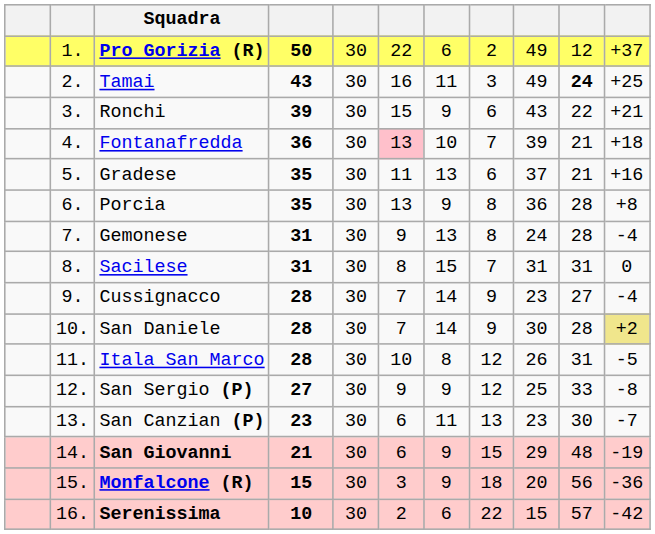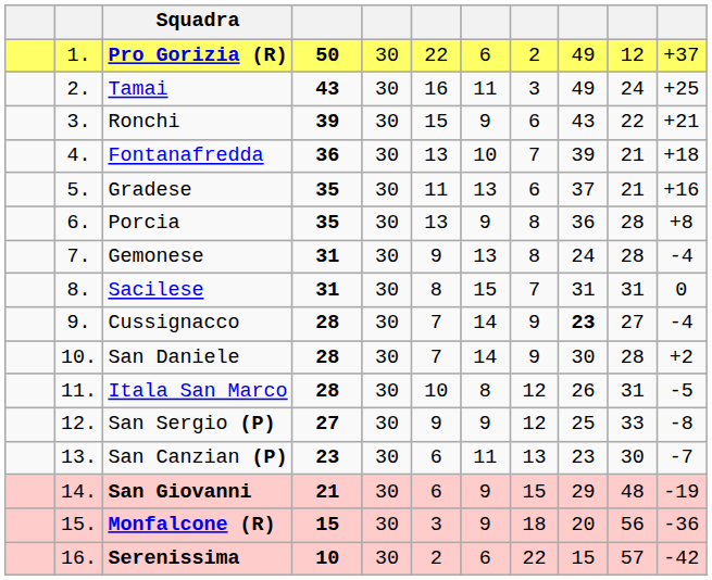 <table class="wikitable sortable" style="text-align: center; font-size: 90%;">
 <tr>
 <th width=7%></th>
 <th width=7%></th>
 <th width=27%>Squadra</th>
 <th width=10%></th>
 <th width=7%></th>
 <th width=7%></th>
 <th width=7%></th>
 <th width=7%></th>
 <th width=7%></th>
 <th width=7%></th>
 <th width=7%></th>
 </tr>
 <tr style="background:#FFFF66;">
 <td></td>
 <td>1.</td>
 <td style="text-align:left;"><strong><a href='#'>Pro Gorizia</a> </strong> <strong>(R)</strong></td>
 <td><strong>50</strong></td>
 <td>30</td>
 <td>22</td>
 <td>6</td>
 <td>2</td>
 <td>49</td>
 <td>12</td>
 <td>+37</td>
 </tr>
 <tr>
 <td></td>
 <td>2.</td>
 <td style="text-align:left;"><a href='#'>Tamai</a></td>
 <td><strong>43</strong></td>
 <td>30</td>
 <td>16</td>
 <td>11</td>
 <td>3</td>
 <td>49</td>
-<td><strong>24</strong></td>
+<td>24</td>
 <td>+25</td>
 </tr>
 <tr>
 <td></td>
 <td>3.</td>
 <td style="text-align:left;">Ronchi</td>
 <td><strong>39</strong></td>
 <td>30</td>
 <td>15</td>
 <td>9</td>
 <td>6</td>
 <td>43</td>
 <td>22</td>
 <td>+21</td>
 </tr>
 <tr>
 <td></td>
 <td>4.</td>
 <td style="text-align:left;"><a href='#'>Fontanafredda</a></td>
 <td><strong>36</strong></td>
 <td>30</td>
-<td style="background: pink;">13</td>
+<td>13</td>
 <td>10</td>
 <td>7</td>
 <td>39</td>
 <td>21</td>
 <td>+18</td>
 </tr>
 <tr>
 <td></td>
 <td>5.</td>
 <td style="text-align:left;">Gradese</td>
 <td><strong>35</strong></td>
 <td>30</td>
 <td>11</td>
 <td>13</td>
 <td>6</td>
 <td>37</td>
 <td>21</td>
 <td>+16</td>
 </tr>
 <tr>
 <td></td>
 <td>6.</td>
 <td style="text-align:left;">Porcia</td>
 <td><strong>35</strong></td>
 <td>30</td>
 <td>13</td>
 <td>9</td>
 <td>8</td>
 <td>36</td>
 <td>28</td>
 <td>+8</td>
 </tr>
 <tr>
 <td></td>
 <td>7.</td>
 <td style="text-align:left;">Gemonese</td>
 <td><strong>31</strong></td>
 <td>30</td>
 <td>9</td>
 <td>13</td>
 <td>8</td>
 <td>24</td>
 <td>28</td>
 <td>-4</td>
 </tr>
 <tr>
 <td></td>
 <td>8.</td>
 <td style="text-align:left;"><a href='#'>Sacilese</a></td>
 <td><strong>31</strong></td>
 <td>30</td>
 <td>8</td>
 <td>15</td>
 <td>7</td>
 <td>31</td>
 <td>31</td>
 <td>0</td>
 </tr>
 <tr>
 <td></td>
 <td>9.</td>
 <td style="text-align:left;">Cussignacco</td>
 <td><strong>28</strong></td>
 <td>30</td>
 <td>7</td>
 <td>14</td>
 <td>9</td>
-<td>23</td>
+<td><strong>23</strong></td>
 <td>27</td>
 <td>-4</td>
 </tr>
 <tr>
 <td></td>
 <td>10.</td>
 <td style="text-align:left;">San Daniele</td>
 <td><strong>28</strong></td>
 <td>30</td>
 <td>7</td>
 <td>14</td>
 <td>9</td>
 <td>30</td>
 <td>28</td>
-<td style="background: khaki;">+2</td>
+<td>+2</td>
 </tr>
 <tr>
 <td></td>
 <td>11.</td>
 <td style="text-align:left;"><a href='#'>Itala San Marco</a></td>
 <td><strong>28</strong></td>
 <td>30</td>
 <td>10</td>
 <td>8</td>
 <td>12</td>
 <td>26</td>
 <td>31</td>
 <td>-5</td>
 </tr>
 <tr>
 <td></td>
 <td>12.</td>
 <td style="text-align:left;">San Sergio <strong>(P)</strong></td>
 <td><strong>27</strong></td>
 <td>30</td>
 <td>9</td>
 <td>9</td>
 <td>12</td>
 <td>25</td>
 <td>33</td>
 <td>-8</td>
 </tr>
 <tr>
 <td></td>
 <td>13.</td>
 <td style="text-align:left;">San Canzian <strong>(P)</strong></td>
 <td><strong>23</strong></td>
 <td>30</td>
 <td>6</td>
 <td>11</td>
 <td>13</td>
 <td>23</td>
 <td>30</td>
 <td>-7</td>
 </tr>
 <tr style="background:#FFCCCC;">
 <td></td>
 <td>14.</td>
 <td style="text-align:left;"><strong>San Giovanni</strong></td>
 <td><strong>21</strong></td>
 <td>30</td>
 <td>6</td>
 <td>9</td>
 <td>15</td>
 <td>29</td>
 <td>48</td>
 <td>-19</td>
 </tr>
 <tr style="background:#FFCCCC;">
 <td></td>
 <td>15.</td>
 <td style="text-align:left;"><strong><a href='#'>Monfalcone</a></strong> <strong>(R)</strong></td>
 <td><strong>15</strong></td>
 <td>30</td>
 <td>3</td>
 <td>9</td>
 <td>18</td>
 <td>20</td>
 <td>56</td>
 <td>-36</td>
 </tr>
 <tr style="background:#FFCCCC;">
 <td></td>
 <td>16.</td>
 <td style="text-align:left;"><strong>Serenissima</strong></td>
 <td><strong>10</strong></td>
 <td>30</td>
 <td>2</td>
 <td>6</td>
 <td>22</td>
 <td>15</td>
 <td>57</td>
 <td>-42</td>
 </tr>
 </table>
